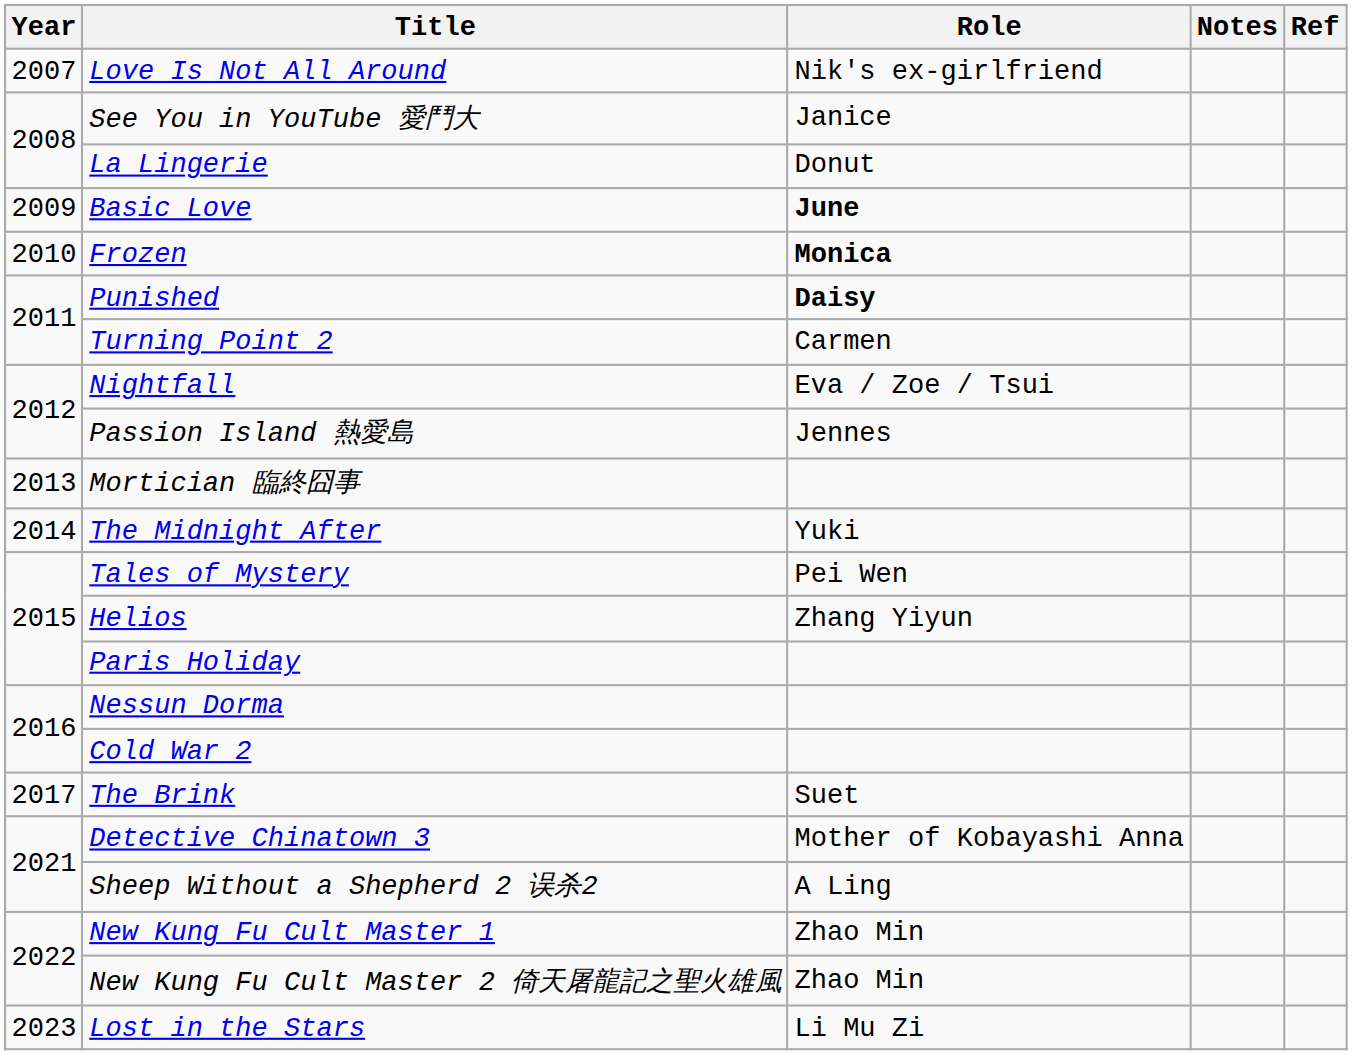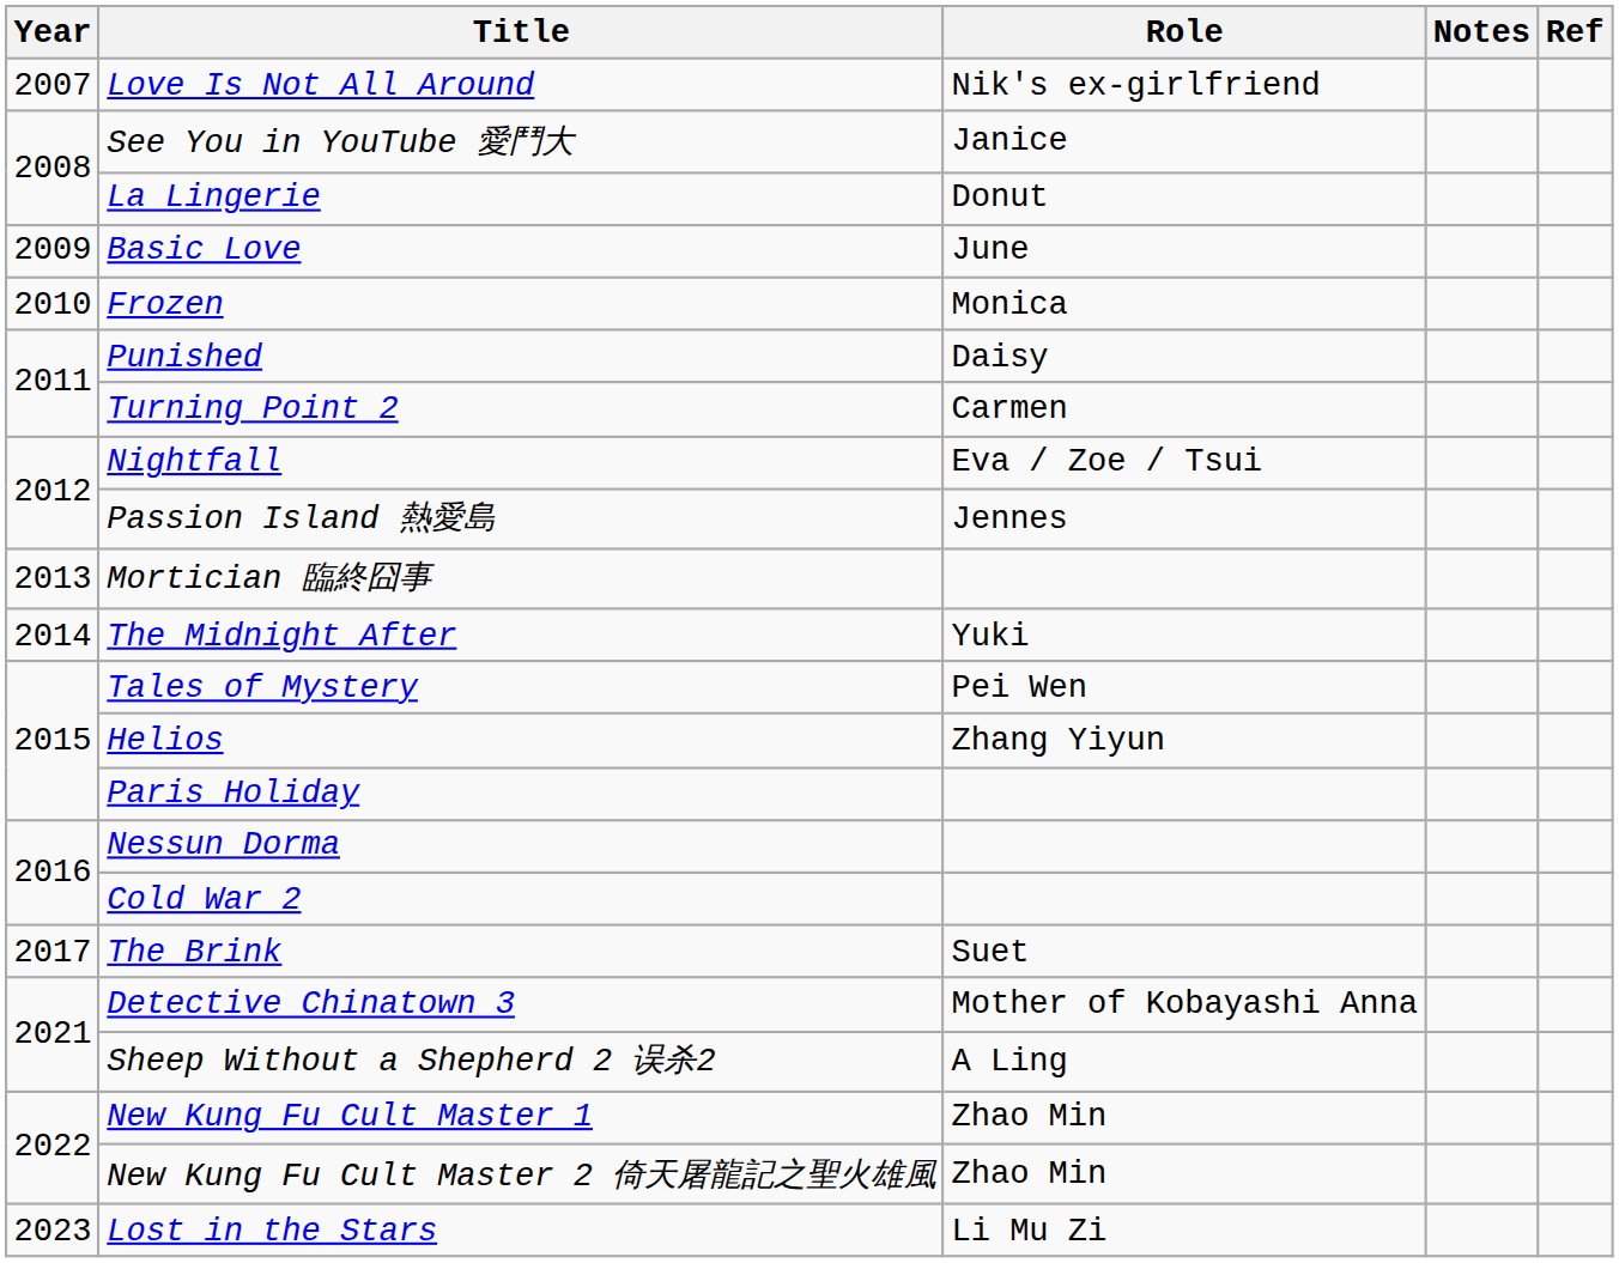 <table class="wikitable sortable">
 <tr>
 <th>Year</th>
 <th>Title</th>
 <th>Role</th>
 <th class="unsortable">Notes</th>
 <th>Ref</th>
 </tr>
 <tr>
 <td>2007</td>
 <td><em><a href='#'>Love Is Not All Around</a></em></td>
 <td>Nik's ex-girlfriend</td>
 <td></td>
 <td></td>
 </tr>
 <tr>
 <td rowspan=2>2008</td>
 <td><em>See You in YouTube 愛鬥大</em></td>
 <td>Janice</td>
 <td></td>
 <td></td>
 </tr>
 <tr>
 <td><em><a href='#'>La Lingerie</a></em></td>
 <td>Donut</td>
 <td></td>
 <td></td>
 </tr>
 <tr>
 <td>2009</td>
 <td><em><a href='#'>Basic Love</a></em></td>
-<td><strong>June</strong></td>
+<td>June</td>
 <td></td>
 <td></td>
 </tr>
 <tr>
 <td>2010</td>
 <td><em><a href='#'>Frozen</a></em></td>
-<td><strong>Monica</strong></td>
+<td>Monica</td>
 <td></td>
 <td></td>
 </tr>
 <tr>
 <td rowspan=2>2011</td>
 <td><em><a href='#'>Punished</a></em></td>
-<td><strong>Daisy</strong></td>
+<td>Daisy</td>
 <td></td>
 <td></td>
 </tr>
 <tr>
 <td><em><a href='#'>Turning Point 2</a></em></td>
 <td>Carmen</td>
 <td></td>
 <td></td>
 </tr>
 <tr>
 <td rowspan=2>2012</td>
 <td><em><a href='#'>Nightfall</a></em></td>
 <td>Eva / Zoe / Tsui</td>
 <td></td>
 <td></td>
 </tr>
 <tr>
 <td><em>Passion Island 熱愛島</em></td>
 <td>Jennes</td>
 <td></td>
 <td></td>
 </tr>
 <tr>
 <td>2013</td>
 <td><em>Mortician 臨終囧事</em></td>
 <td></td>
 <td></td>
 <td></td>
 </tr>
 <tr>
 <td>2014</td>
 <td><em><a href='#'>The Midnight After</a></em></td>
 <td>Yuki</td>
 <td></td>
 <td></td>
 </tr>
 <tr>
 <td rowspan=3>2015</td>
 <td><em><a href='#'>Tales of Mystery</a></em></td>
 <td>Pei Wen</td>
 <td></td>
 <td></td>
 </tr>
 <tr>
 <td><em><a href='#'>Helios</a></em></td>
 <td>Zhang Yiyun</td>
 <td></td>
 <td></td>
 </tr>
 <tr>
 <td><em><a href='#'>Paris Holiday</a></em></td>
 <td></td>
 <td></td>
 <td></td>
 </tr>
 <tr>
 <td rowspan=2>2016</td>
 <td><em><a href='#'>Nessun Dorma</a></em></td>
 <td></td>
 <td></td>
 <td></td>
 </tr>
 <tr>
 <td><em><a href='#'>Cold War 2</a></em></td>
 <td></td>
 <td></td>
 <td></td>
 </tr>
 <tr>
 <td>2017</td>
 <td><em><a href='#'>The Brink</a></em></td>
 <td>Suet</td>
 <td></td>
 <td></td>
 </tr>
 <tr>
 <td rowspan=2>2021</td>
 <td><em><a href='#'>Detective Chinatown 3</a></em></td>
 <td>Mother of Kobayashi Anna</td>
 <td></td>
 <td></td>
 </tr>
 <tr>
 <td><em>Sheep Without a Shepherd 2 误杀2</em></td>
 <td>A Ling</td>
 <td></td>
 <td></td>
 </tr>
 <tr>
 <td rowspan=2>2022</td>
 <td><em><a href='#'>New Kung Fu Cult Master 1</a></em></td>
 <td>Zhao Min</td>
 <td></td>
 <td></td>
 </tr>
 <tr>
 <td><em>New Kung Fu Cult Master 2 倚天屠龍記之聖火雄風</em></td>
 <td>Zhao Min</td>
 <td></td>
 <td></td>
 </tr>
 <tr>
 <td>2023</td>
 <td><em><a href='#'>Lost in the Stars</a></em></td>
 <td>Li Mu Zi</td>
 <td></td>
 <td></td>
 </tr>
 </table>
